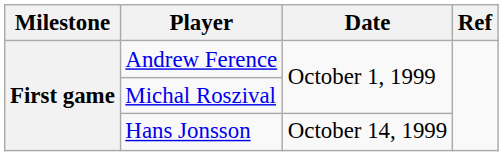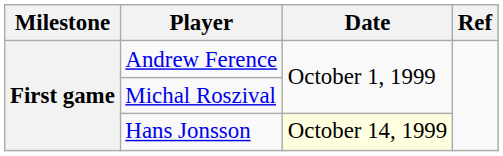 <table class="wikitable">
 <tr>
 <th scope="col">Milestone</th>
 <th scope="col">Player</th>
 <th scope="col">Date</th>
 <th scope="col">Ref</th>
 </tr>
 <tr>
 <th rowspan=3>First game</th>
 <td><a href='#'>Andrew Ference</a></td>
 <td rowspan=2>October 1, 1999</td>
 <td rowspan=3></td>
 </tr>
 <tr>
 <td><a href='#'>Michal Roszival</a></td>
 </tr>
 <tr>
 <td><a href='#'>Hans Jonsson</a></td>
-<td>October 14, 1999</td>
+<td style="background: lightyellow;">October 14, 1999</td>
 </tr>
 </table>
